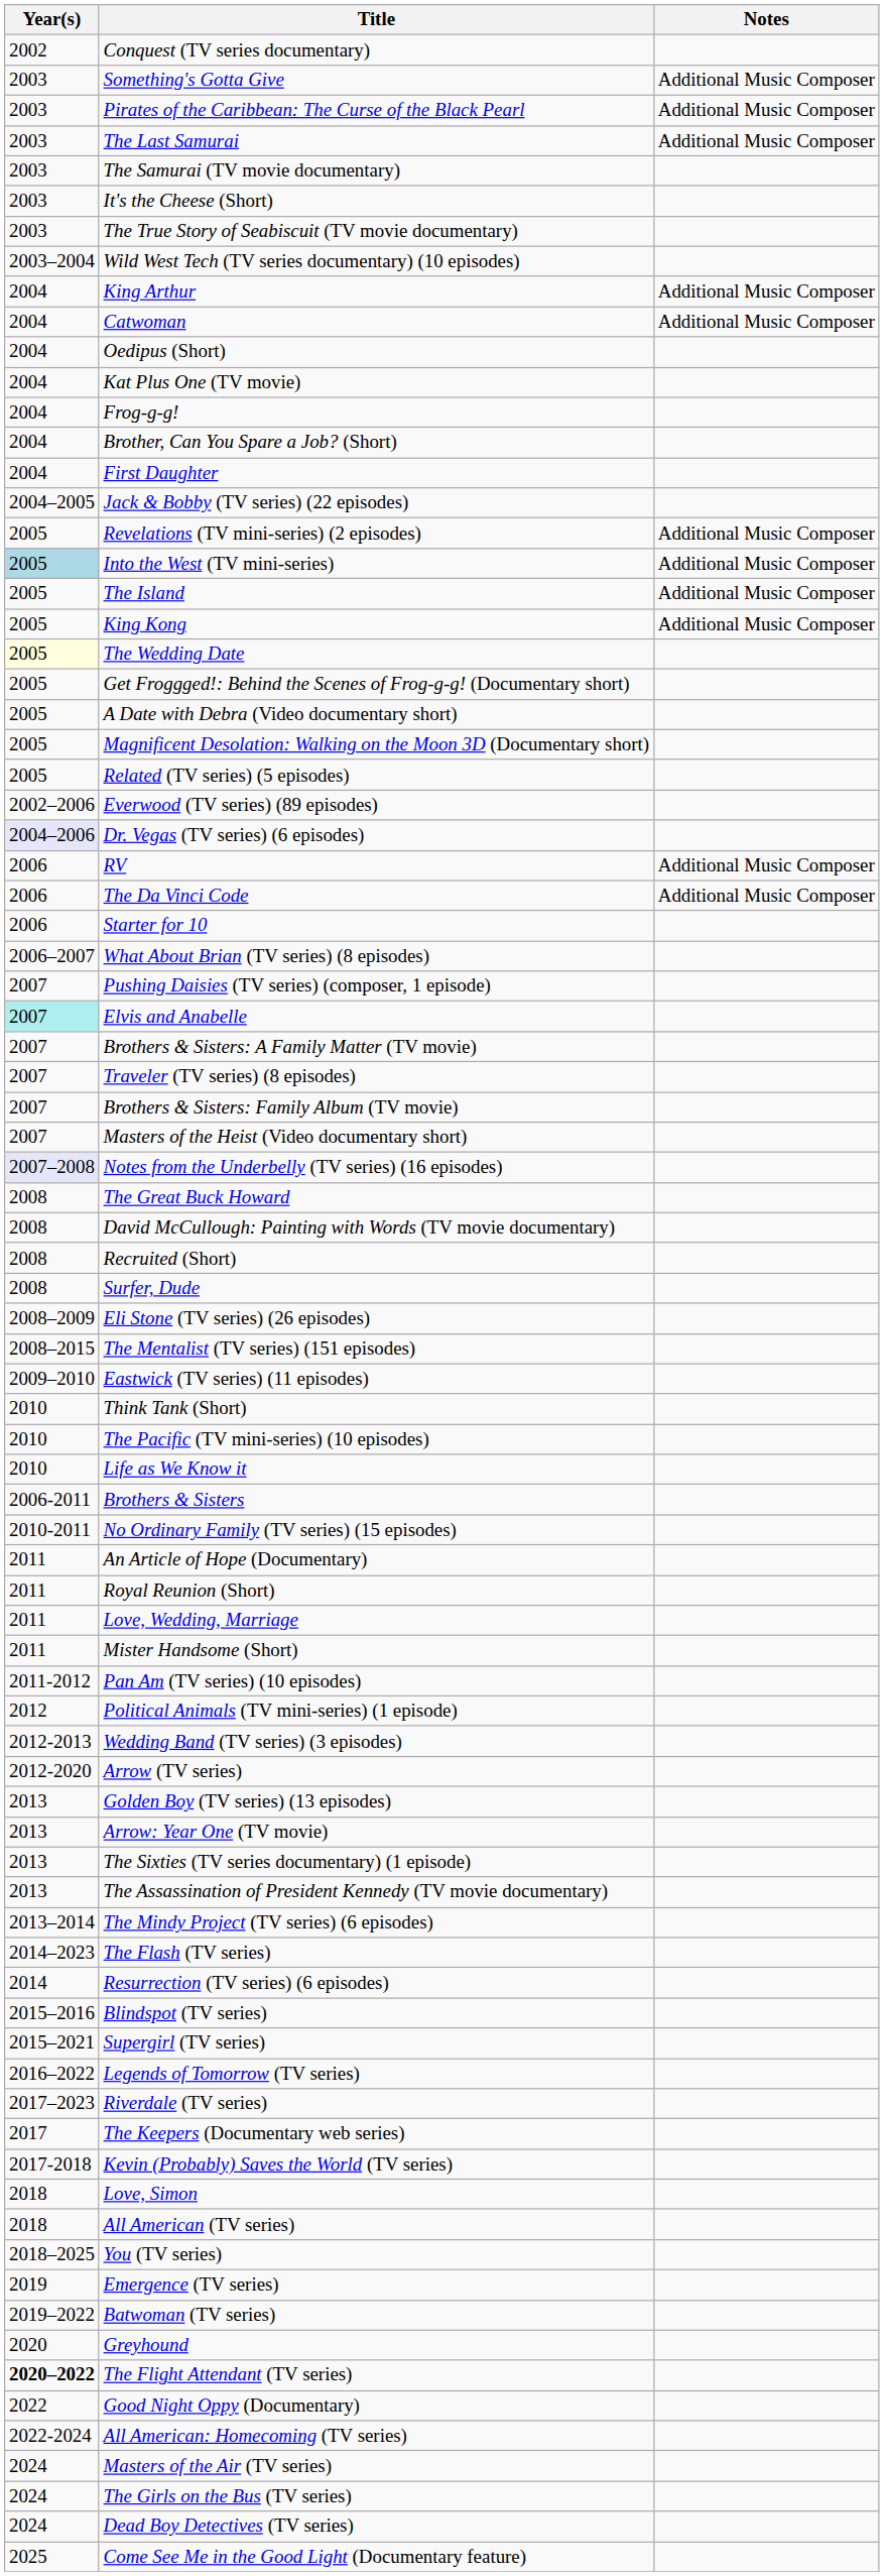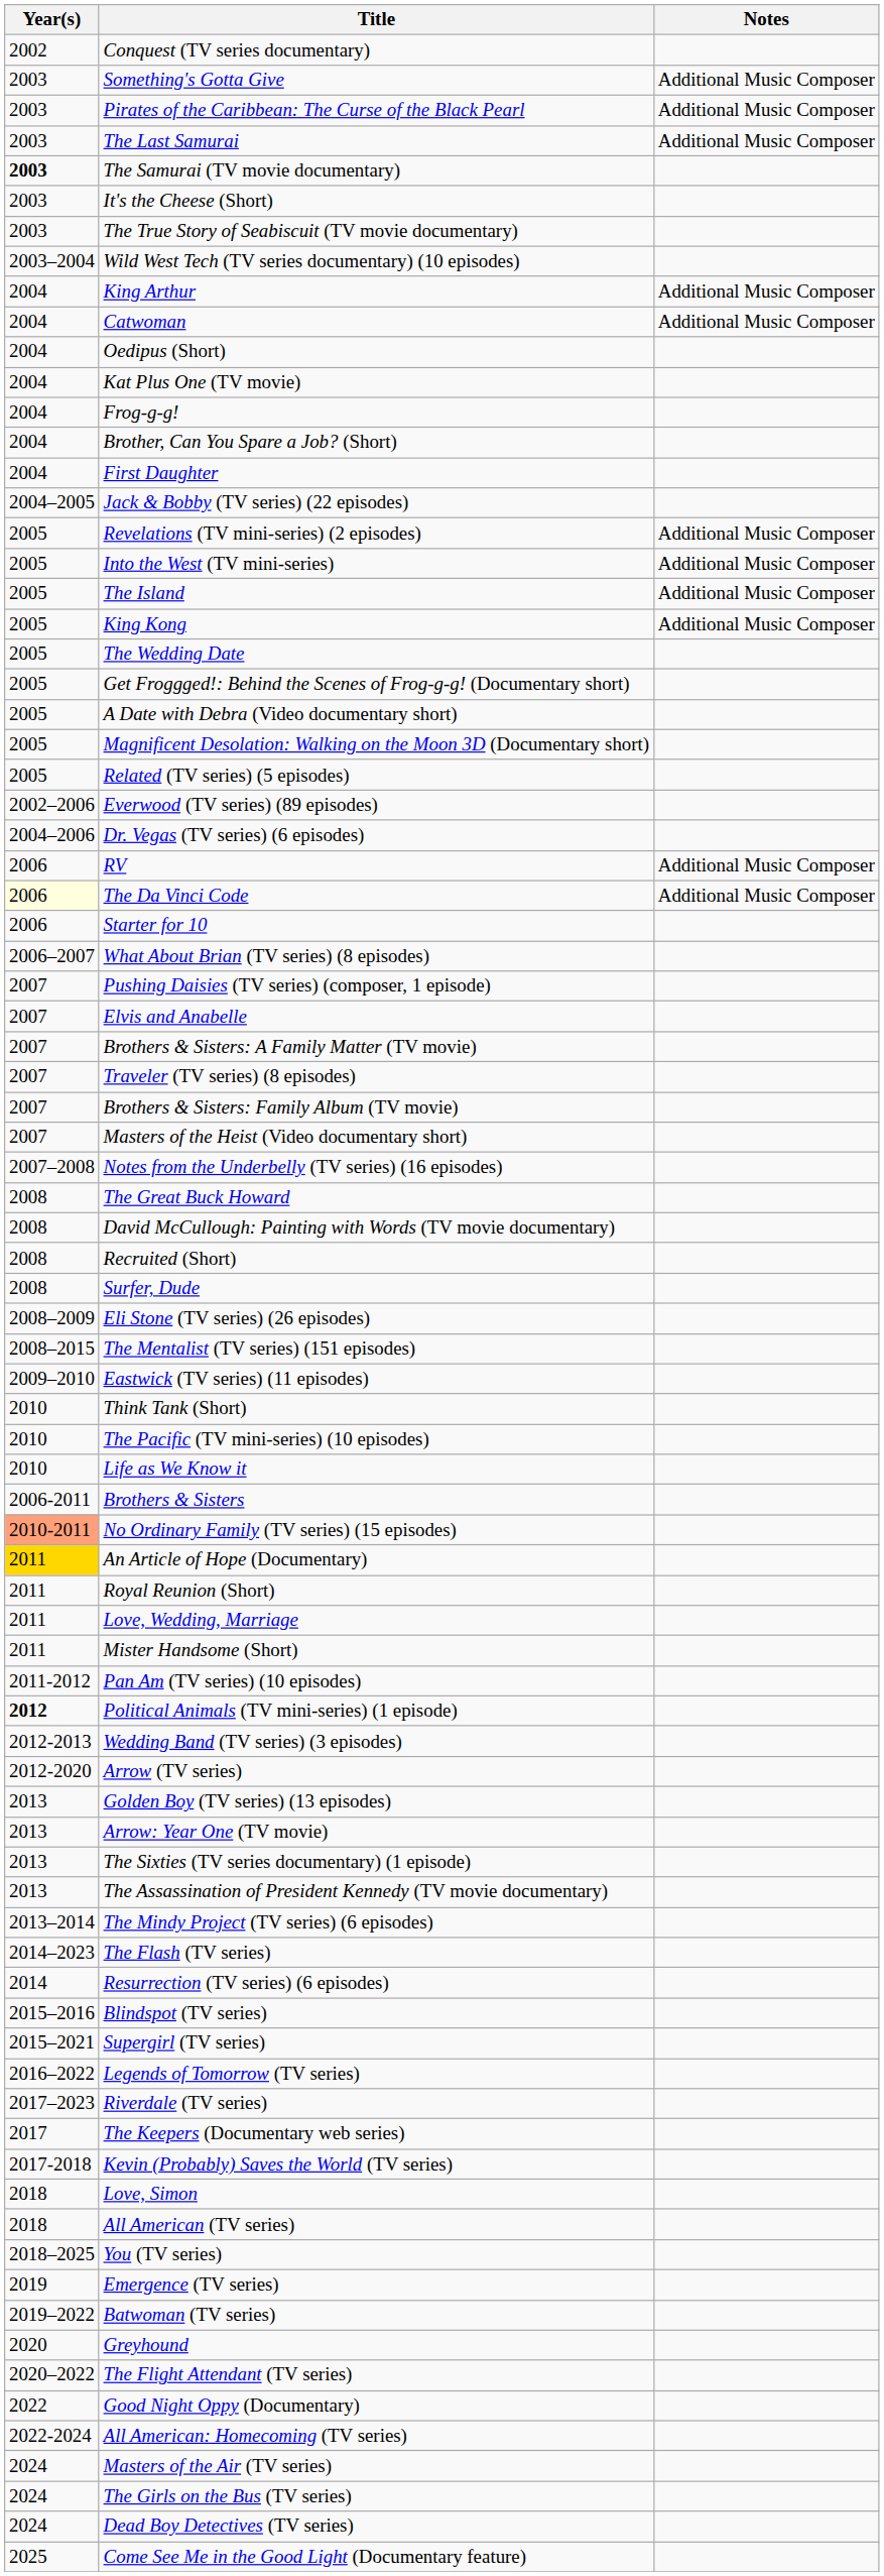 <table class="wikitable sortable">
 <tr>
 <th>Year(s)</th>
 <th>Title</th>
 <th>Notes</th>
 </tr>
 <tr>
 <td>2002</td>
 <td><em>Conquest</em> (TV series documentary)</td>
 <td></td>
 </tr>
 <tr>
 <td>2003</td>
 <td><em><a href='#'>Something's Gotta Give</a></em></td>
 <td>Additional Music Composer</td>
 </tr>
 <tr>
 <td>2003</td>
 <td><em><a href='#'>Pirates of the Caribbean: The Curse of the Black Pearl</a></em></td>
 <td>Additional Music Composer</td>
 </tr>
 <tr>
 <td>2003</td>
 <td><em><a href='#'>The Last Samurai</a></em></td>
 <td>Additional Music Composer</td>
 </tr>
 <tr>
-<td>2003</td>
+<td><strong>2003</strong></td>
 <td><em>The Samurai</em> (TV movie documentary)</td>
 <td></td>
 </tr>
 <tr>
 <td>2003</td>
 <td><em>It's the Cheese</em> (Short)</td>
 <td></td>
 </tr>
 <tr>
 <td>2003</td>
 <td><em>The True Story of Seabiscuit</em> (TV movie documentary)</td>
 <td></td>
 </tr>
 <tr>
 <td>2003–2004</td>
 <td><em>Wild West Tech</em> (TV series documentary) (10 episodes)</td>
 <td></td>
 </tr>
 <tr>
 <td>2004</td>
 <td><em><a href='#'>King Arthur</a></em></td>
 <td>Additional Music Composer</td>
 </tr>
 <tr>
 <td>2004</td>
 <td><em><a href='#'>Catwoman</a></em></td>
 <td>Additional Music Composer</td>
 </tr>
 <tr>
 <td>2004</td>
 <td><em>Oedipus</em> (Short)</td>
 <td></td>
 </tr>
 <tr>
 <td>2004</td>
 <td><em>Kat Plus One</em> (TV movie)</td>
 <td></td>
 </tr>
 <tr>
 <td>2004</td>
 <td><em>Frog-g-g!</em></td>
 <td></td>
 </tr>
 <tr>
 <td>2004</td>
 <td><em>Brother, Can You Spare a Job?</em> (Short)</td>
 <td></td>
 </tr>
 <tr>
 <td>2004</td>
 <td><em><a href='#'>First Daughter</a></em></td>
 <td></td>
 </tr>
 <tr>
 <td>2004–2005</td>
 <td><em><a href='#'>Jack & Bobby</a></em> (TV series) (22 episodes)</td>
 <td></td>
 </tr>
 <tr>
 <td>2005</td>
 <td><em><a href='#'>Revelations</a></em> (TV mini-series) (2 episodes)</td>
 <td>Additional Music Composer</td>
 </tr>
 <tr>
-<td style="background: lightblue;">2005</td>
+<td>2005</td>
 <td><em><a href='#'>Into the West</a></em> (TV mini-series)</td>
 <td>Additional Music Composer</td>
 </tr>
 <tr>
 <td>2005</td>
 <td><em><a href='#'>The Island</a></em></td>
 <td>Additional Music Composer</td>
 </tr>
 <tr>
 <td>2005</td>
 <td><em><a href='#'>King Kong</a></em></td>
 <td>Additional Music Composer</td>
 </tr>
 <tr>
-<td style="background: lightyellow;">2005</td>
+<td>2005</td>
 <td><em><a href='#'>The Wedding Date</a></em></td>
 <td></td>
 </tr>
 <tr>
 <td>2005</td>
 <td><em>Get Froggged!: Behind the Scenes of Frog-g-g!</em> (Documentary short)</td>
 <td></td>
 </tr>
 <tr>
 <td>2005</td>
 <td><em>A Date with Debra</em> (Video documentary short)</td>
 <td></td>
 </tr>
 <tr>
 <td>2005</td>
 <td><em><a href='#'>Magnificent Desolation: Walking on the Moon 3D</a></em> (Documentary short)</td>
 <td></td>
 </tr>
 <tr>
 <td>2005</td>
 <td><em><a href='#'>Related</a></em> (TV series) (5 episodes)</td>
 <td></td>
 </tr>
 <tr>
 <td>2002–2006</td>
 <td><em><a href='#'>Everwood</a></em> (TV series) (89 episodes)</td>
 <td></td>
 </tr>
 <tr>
-<td style="background: lavender;">2004–2006</td>
+<td>2004–2006</td>
 <td><em><a href='#'>Dr. Vegas</a></em> (TV series) (6 episodes)</td>
 <td></td>
 </tr>
 <tr>
 <td>2006</td>
 <td><em><a href='#'>RV</a></em></td>
 <td>Additional Music Composer</td>
 </tr>
 <tr>
-<td>2006</td>
+<td style="background: lightyellow;">2006</td>
 <td><em><a href='#'>The Da Vinci Code</a></em></td>
 <td>Additional Music Composer</td>
 </tr>
 <tr>
 <td>2006</td>
 <td><em><a href='#'>Starter for 10</a></em></td>
 <td></td>
 </tr>
 <tr>
 <td>2006–2007</td>
 <td><em><a href='#'>What About Brian</a></em> (TV series) (8 episodes)</td>
 <td></td>
 </tr>
 <tr>
 <td>2007</td>
 <td><em><a href='#'>Pushing Daisies</a></em> (TV series) (composer, 1 episode)</td>
 <td></td>
 </tr>
 <tr>
-<td style="background: paleturquoise;">2007</td>
+<td>2007</td>
 <td><em><a href='#'>Elvis and Anabelle</a></em></td>
 <td></td>
 </tr>
 <tr>
 <td>2007</td>
 <td><em>Brothers & Sisters: A Family Matter</em> (TV movie)</td>
 <td></td>
 </tr>
 <tr>
 <td>2007</td>
 <td><em><a href='#'>Traveler</a></em> (TV series) (8 episodes)</td>
 <td></td>
 </tr>
 <tr>
 <td>2007</td>
 <td><em>Brothers & Sisters: Family Album</em> (TV movie)</td>
 <td></td>
 </tr>
 <tr>
 <td>2007</td>
 <td><em>Masters of the Heist</em> (Video documentary short)</td>
 <td></td>
 </tr>
 <tr>
-<td style="background: lavender;">2007–2008</td>
+<td>2007–2008</td>
 <td><em><a href='#'>Notes from the Underbelly</a></em> (TV series) (16 episodes)</td>
 <td></td>
 </tr>
 <tr>
 <td>2008</td>
 <td><em><a href='#'>The Great Buck Howard</a></em></td>
 <td></td>
 </tr>
 <tr>
 <td>2008</td>
 <td><em>David McCullough: Painting with Words</em> (TV movie documentary)</td>
 <td></td>
 </tr>
 <tr>
 <td>2008</td>
 <td><em>Recruited</em> (Short)</td>
 <td></td>
 </tr>
 <tr>
 <td>2008</td>
 <td><em><a href='#'>Surfer, Dude</a></em></td>
 <td></td>
 </tr>
 <tr>
 <td>2008–2009</td>
 <td><em><a href='#'>Eli Stone</a></em> (TV series) (26 episodes)</td>
 <td></td>
 </tr>
 <tr>
 <td>2008–2015</td>
 <td><em><a href='#'>The Mentalist</a></em> (TV series) (151 episodes)</td>
 <td></td>
 </tr>
 <tr>
 <td>2009–2010</td>
 <td><em><a href='#'>Eastwick</a></em> (TV series) (11 episodes)</td>
 <td></td>
 </tr>
 <tr>
 <td>2010</td>
 <td><em>Think Tank</em> (Short)</td>
 <td></td>
 </tr>
 <tr>
 <td>2010</td>
 <td><em><a href='#'>The Pacific</a></em> (TV mini-series) (10 episodes)</td>
 <td></td>
 </tr>
 <tr>
 <td>2010</td>
 <td><em><a href='#'>Life as We Know it</a></em></td>
 <td></td>
 </tr>
 <tr>
 <td>2006-2011</td>
 <td><em><a href='#'>Brothers & Sisters</a></em></td>
 <td></td>
 </tr>
 <tr>
-<td>2010-2011</td>
+<td style="background: lightsalmon;">2010-2011</td>
 <td><em><a href='#'>No Ordinary Family</a></em> (TV series) (15 episodes)</td>
 <td></td>
 </tr>
 <tr>
-<td>2011</td>
+<td style="background: gold;">2011</td>
 <td><em>An Article of Hope</em> (Documentary)</td>
 <td></td>
 </tr>
 <tr>
 <td>2011</td>
 <td><em>Royal Reunion</em> (Short)</td>
 <td></td>
 </tr>
 <tr>
 <td>2011</td>
 <td><em><a href='#'>Love, Wedding, Marriage</a></em></td>
 <td></td>
 </tr>
 <tr>
 <td>2011</td>
 <td><em>Mister Handsome</em> (Short)</td>
 <td></td>
 </tr>
 <tr>
 <td>2011-2012</td>
 <td><em><a href='#'>Pan Am</a></em> (TV series) (10 episodes)</td>
 <td></td>
 </tr>
 <tr>
-<td>2012</td>
+<td><strong>2012</strong></td>
 <td><em><a href='#'>Political Animals</a></em> (TV mini-series) (1 episode)</td>
 <td></td>
 </tr>
 <tr>
 <td>2012-2013</td>
 <td><em><a href='#'>Wedding Band</a></em> (TV series) (3 episodes)</td>
 <td></td>
 </tr>
 <tr>
 <td>2012-2020</td>
 <td><em><a href='#'>Arrow</a></em> (TV series)</td>
 <td></td>
 </tr>
 <tr>
 <td>2013</td>
 <td><em><a href='#'>Golden Boy</a></em> (TV series) (13 episodes)</td>
 <td></td>
 </tr>
 <tr>
 <td>2013</td>
 <td><em><a href='#'>Arrow: Year One</a></em> (TV movie)</td>
 <td></td>
 </tr>
 <tr>
 <td>2013</td>
 <td><em>The Sixties</em> (TV series documentary) (1 episode)</td>
 <td></td>
 </tr>
 <tr>
 <td>2013</td>
 <td><em>The Assassination of President Kennedy</em> (TV movie documentary)</td>
 <td></td>
 </tr>
 <tr>
 <td>2013–2014</td>
 <td><em><a href='#'>The Mindy Project</a></em> (TV series) (6 episodes)</td>
 <td></td>
 </tr>
 <tr>
 <td>2014–2023</td>
 <td><em><a href='#'>The Flash</a></em> (TV series)</td>
 <td></td>
 </tr>
 <tr>
 <td>2014</td>
 <td><em><a href='#'>Resurrection</a></em> (TV series) (6 episodes)</td>
 <td></td>
 </tr>
 <tr>
 <td>2015–2016</td>
 <td><em><a href='#'>Blindspot</a></em> (TV series)</td>
 <td></td>
 </tr>
 <tr>
 <td>2015–2021</td>
 <td><em><a href='#'>Supergirl</a></em> (TV series)</td>
 <td></td>
 </tr>
 <tr>
 <td>2016–2022</td>
 <td><em><a href='#'>Legends of Tomorrow</a></em> (TV series)</td>
 <td></td>
 </tr>
 <tr>
 <td>2017–2023</td>
 <td><em><a href='#'>Riverdale</a></em> (TV series)</td>
 <td></td>
 </tr>
 <tr>
 <td>2017</td>
 <td><em><a href='#'>The Keepers</a></em> (Documentary web series)</td>
 <td></td>
 </tr>
 <tr>
 <td>2017-2018</td>
 <td><em><a href='#'>Kevin (Probably) Saves the World</a></em> (TV series)</td>
 <td></td>
 </tr>
 <tr>
 <td>2018</td>
 <td><em><a href='#'>Love, Simon</a></em></td>
 <td></td>
 </tr>
 <tr>
 <td>2018</td>
 <td><em><a href='#'>All American</a></em> (TV series)</td>
 <td></td>
 </tr>
 <tr>
 <td>2018–2025</td>
 <td><em><a href='#'>You</a></em> (TV series)</td>
 <td></td>
 </tr>
 <tr>
 <td>2019</td>
 <td><em><a href='#'>Emergence</a></em> (TV series)</td>
 <td></td>
 </tr>
 <tr>
 <td>2019–2022</td>
 <td><em><a href='#'>Batwoman</a></em> (TV series)</td>
 <td></td>
 </tr>
 <tr>
 <td>2020</td>
 <td><em><a href='#'>Greyhound</a></em></td>
 <td></td>
 </tr>
 <tr>
-<td><strong>2020–2022</strong></td>
+<td>2020–2022</td>
 <td><em><a href='#'>The Flight Attendant</a></em> (TV series)</td>
 <td></td>
 </tr>
 <tr>
 <td>2022</td>
 <td><em><a href='#'>Good Night Oppy</a></em> (Documentary)</td>
 <td></td>
 </tr>
 <tr>
 <td>2022-2024</td>
 <td><em><a href='#'>All American: Homecoming</a></em> (TV series)</td>
 <td></td>
 </tr>
 <tr>
 <td>2024</td>
 <td><em><a href='#'>Masters of the Air</a></em> (TV series)</td>
 <td></td>
 </tr>
 <tr>
 <td>2024</td>
 <td><em><a href='#'>The Girls on the Bus</a></em> (TV series)</td>
 <td></td>
 </tr>
 <tr>
 <td>2024</td>
 <td><em><a href='#'>Dead Boy Detectives</a></em> (TV series)</td>
 <td></td>
 </tr>
 <tr>
 <td>2025</td>
 <td><em><a href='#'>Come See Me in the Good Light</a></em> (Documentary feature)</td>
 <td></td>
 </tr>
 </table>
